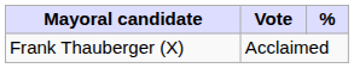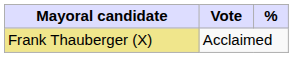 <table class="wikitable">
 <tr>
 <th style="background:#ddf; width:200px;">Mayoral candidate</th>
 <th style="background:#ddf; width:50px;">Vote</th>
 <th style="background:#ddf; width:30px;">%</th>
 </tr>
 <tr>
-<td>Frank Thauberger (X)</td>
+<td style="background: khaki;">Frank Thauberger (X)</td>
 <td colspan="2">Acclaimed</td>
 </tr>
 </table>
